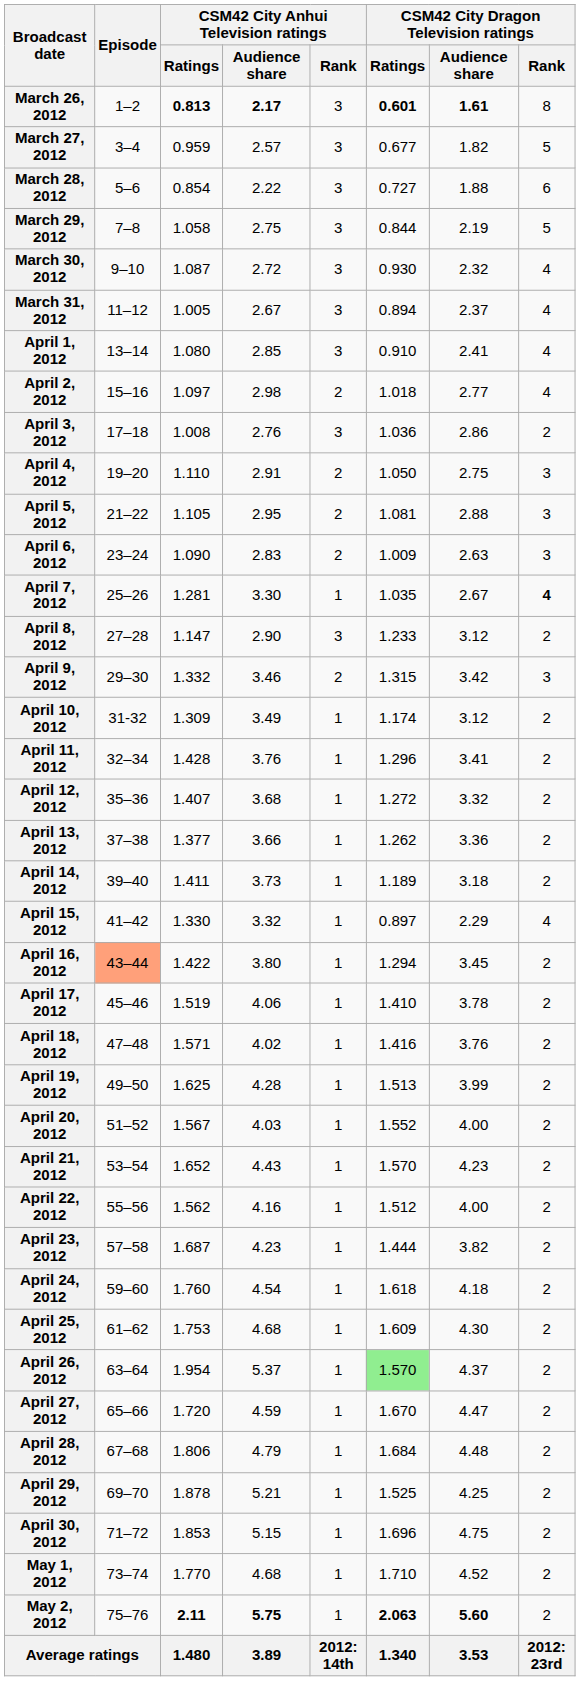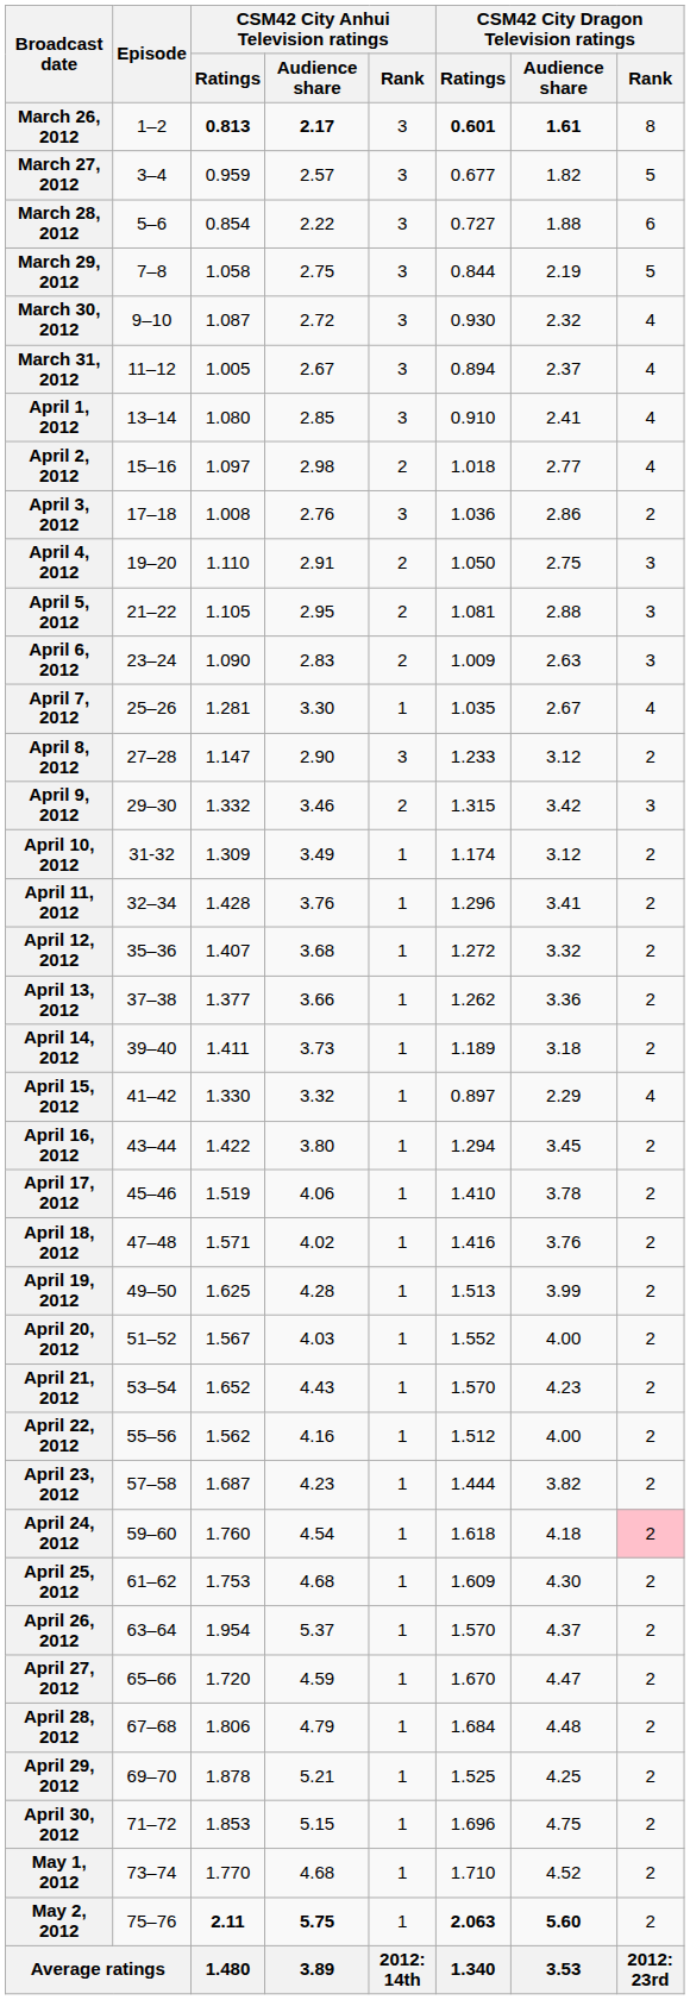 <table class="wikitable sortable mw-collapsible jquery-tablesorter" style="text-align:center">
 <tr>
 <th rowspan="2">Broadcast date</th>
 <th rowspan="2">Episode</th>
 <th colspan="3">CSM42 City Anhui Television ratings</th>
 <th colspan="3">CSM42 City Dragon Television ratings</th>
 </tr>
 <tr>
 <th>Ratings</th>
 <th>Audience share</th>
 <th>Rank</th>
 <th>Ratings</th>
 <th>Audience share</th>
 <th>Rank</th>
 </tr>
 <tr>
 <th>March 26, 2012</th>
 <td>1–2</td>
 <td><strong><span>0.813</span></strong></td>
 <td><strong><span>2.17</span></strong></td>
 <td>3</td>
 <td><strong><span>0.601</span></strong></td>
 <td><strong><span>1.61</span></strong></td>
 <td>8</td>
 </tr>
 <tr>
 <th>March 27, 2012</th>
 <td>3–4</td>
 <td>0.959</td>
 <td>2.57</td>
 <td>3</td>
 <td>0.677</td>
 <td>1.82</td>
 <td>5</td>
 </tr>
 <tr>
 <th>March 28, 2012</th>
 <td>5–6</td>
 <td>0.854</td>
 <td>2.22</td>
 <td>3</td>
 <td>0.727</td>
 <td>1.88</td>
 <td>6</td>
 </tr>
 <tr>
 <th>March 29, 2012</th>
 <td>7–8</td>
 <td>1.058</td>
 <td>2.75</td>
 <td>3</td>
 <td>0.844</td>
 <td>2.19</td>
 <td>5</td>
 </tr>
 <tr>
 <th>March 30, 2012</th>
 <td>9–10</td>
 <td>1.087</td>
 <td>2.72</td>
 <td>3</td>
 <td>0.930</td>
 <td>2.32</td>
 <td>4</td>
 </tr>
 <tr>
 <th>March 31, 2012</th>
 <td>11–12</td>
 <td>1.005</td>
 <td>2.67</td>
 <td>3</td>
 <td>0.894</td>
 <td>2.37</td>
 <td>4</td>
 </tr>
 <tr>
 <th>April 1, 2012</th>
 <td>13–14</td>
 <td>1.080</td>
 <td>2.85</td>
 <td>3</td>
 <td>0.910</td>
 <td>2.41</td>
 <td>4</td>
 </tr>
 <tr>
 <th>April 2, 2012</th>
 <td>15–16</td>
 <td>1.097</td>
 <td>2.98</td>
 <td>2</td>
 <td>1.018</td>
 <td>2.77</td>
 <td>4</td>
 </tr>
 <tr>
 <th>April 3, 2012</th>
 <td>17–18</td>
 <td>1.008</td>
 <td>2.76</td>
 <td>3</td>
 <td>1.036</td>
 <td>2.86</td>
 <td>2</td>
 </tr>
 <tr>
 <th>April 4, 2012</th>
 <td>19–20</td>
 <td>1.110</td>
 <td>2.91</td>
 <td>2</td>
 <td>1.050</td>
 <td>2.75</td>
 <td>3</td>
 </tr>
 <tr>
 <th>April 5, 2012</th>
 <td>21–22</td>
 <td>1.105</td>
 <td>2.95</td>
 <td>2</td>
 <td>1.081</td>
 <td>2.88</td>
 <td>3</td>
 </tr>
 <tr>
 <th>April 6, 2012</th>
 <td>23–24</td>
 <td>1.090</td>
 <td>2.83</td>
 <td>2</td>
 <td>1.009</td>
 <td>2.63</td>
 <td>3</td>
 </tr>
 <tr>
 <th>April 7, 2012</th>
 <td>25–26</td>
 <td>1.281</td>
 <td>3.30</td>
 <td>1</td>
 <td>1.035</td>
 <td>2.67</td>
-<td><strong>4</strong></td>
+<td>4</td>
 </tr>
 <tr>
 <th>April 8, 2012</th>
 <td>27–28</td>
 <td>1.147</td>
 <td>2.90</td>
 <td>3</td>
 <td>1.233</td>
 <td>3.12</td>
 <td>2</td>
 </tr>
 <tr>
 <th>April 9, 2012</th>
 <td>29–30</td>
 <td>1.332</td>
 <td>3.46</td>
 <td>2</td>
 <td>1.315</td>
 <td>3.42</td>
 <td>3</td>
 </tr>
 <tr>
 <th>April 10, 2012</th>
 <td>31-32</td>
 <td>1.309</td>
 <td>3.49</td>
 <td>1</td>
 <td>1.174</td>
 <td>3.12</td>
 <td>2</td>
 </tr>
 <tr>
 <th>April 11, 2012</th>
 <td>32–34</td>
 <td>1.428</td>
 <td>3.76</td>
 <td>1</td>
 <td>1.296</td>
 <td>3.41</td>
 <td>2</td>
 </tr>
 <tr>
 <th>April 12, 2012</th>
 <td>35–36</td>
 <td>1.407</td>
 <td>3.68</td>
 <td>1</td>
 <td>1.272</td>
 <td>3.32</td>
 <td>2</td>
 </tr>
 <tr>
 <th>April 13, 2012</th>
 <td>37–38</td>
 <td>1.377</td>
 <td>3.66</td>
 <td>1</td>
 <td>1.262</td>
 <td>3.36</td>
 <td>2</td>
 </tr>
 <tr>
 <th>April 14, 2012</th>
 <td>39–40</td>
 <td>1.411</td>
 <td>3.73</td>
 <td>1</td>
 <td>1.189</td>
 <td>3.18</td>
 <td>2</td>
 </tr>
 <tr>
 <th>April 15, 2012</th>
 <td>41–42</td>
 <td>1.330</td>
 <td>3.32</td>
 <td>1</td>
 <td>0.897</td>
 <td>2.29</td>
 <td>4</td>
 </tr>
 <tr>
 <th>April 16, 2012</th>
-<td style="background: lightsalmon;">43–44</td>
+<td>43–44</td>
 <td>1.422</td>
 <td>3.80</td>
 <td>1</td>
 <td>1.294</td>
 <td>3.45</td>
 <td>2</td>
 </tr>
 <tr>
 <th>April 17, 2012</th>
 <td>45–46</td>
 <td>1.519</td>
 <td>4.06</td>
 <td>1</td>
 <td>1.410</td>
 <td>3.78</td>
 <td>2</td>
 </tr>
 <tr>
 <th>April 18, 2012</th>
 <td>47–48</td>
 <td>1.571</td>
 <td>4.02</td>
 <td>1</td>
 <td>1.416</td>
 <td>3.76</td>
 <td>2</td>
 </tr>
 <tr>
 <th>April 19, 2012</th>
 <td>49–50</td>
 <td>1.625</td>
 <td>4.28</td>
 <td>1</td>
 <td>1.513</td>
 <td>3.99</td>
 <td>2</td>
 </tr>
 <tr>
 <th>April 20, 2012</th>
 <td>51–52</td>
 <td>1.567</td>
 <td>4.03</td>
 <td>1</td>
 <td>1.552</td>
 <td>4.00</td>
 <td>2</td>
 </tr>
 <tr>
 <th>April 21, 2012</th>
 <td>53–54</td>
 <td>1.652</td>
 <td>4.43</td>
 <td>1</td>
 <td>1.570</td>
 <td>4.23</td>
 <td>2</td>
 </tr>
 <tr>
 <th>April 22, 2012</th>
 <td>55–56</td>
 <td>1.562</td>
 <td>4.16</td>
 <td>1</td>
 <td>1.512</td>
 <td>4.00</td>
 <td>2</td>
 </tr>
 <tr>
 <th>April 23, 2012</th>
 <td>57–58</td>
 <td>1.687</td>
 <td>4.23</td>
 <td>1</td>
 <td>1.444</td>
 <td>3.82</td>
 <td>2</td>
 </tr>
 <tr>
 <th>April 24, 2012</th>
 <td>59–60</td>
 <td>1.760</td>
 <td>4.54</td>
 <td>1</td>
 <td>1.618</td>
 <td>4.18</td>
-<td>2</td>
+<td style="background: pink;">2</td>
 </tr>
 <tr>
 <th>April 25, 2012</th>
 <td>61–62</td>
 <td>1.753</td>
 <td>4.68</td>
 <td>1</td>
 <td>1.609</td>
 <td>4.30</td>
 <td>2</td>
 </tr>
 <tr>
 <th>April 26, 2012</th>
 <td>63–64</td>
 <td>1.954</td>
 <td>5.37</td>
 <td>1</td>
-<td style="background: lightgreen;">1.570</td>
+<td>1.570</td>
 <td>4.37</td>
 <td>2</td>
 </tr>
 <tr>
 <th>April 27, 2012</th>
 <td>65–66</td>
 <td>1.720</td>
 <td>4.59</td>
 <td>1</td>
 <td>1.670</td>
 <td>4.47</td>
 <td>2</td>
 </tr>
 <tr>
 <th>April 28, 2012</th>
 <td>67–68</td>
 <td>1.806</td>
 <td>4.79</td>
 <td>1</td>
 <td>1.684</td>
 <td>4.48</td>
 <td>2</td>
 </tr>
 <tr>
 <th>April 29, 2012</th>
 <td>69–70</td>
 <td>1.878</td>
 <td>5.21</td>
 <td>1</td>
 <td>1.525</td>
 <td>4.25</td>
 <td>2</td>
 </tr>
 <tr>
 <th>April 30, 2012</th>
 <td>71–72</td>
 <td>1.853</td>
 <td>5.15</td>
 <td>1</td>
 <td>1.696</td>
 <td>4.75</td>
 <td>2</td>
 </tr>
 <tr>
 <th>May 1, 2012</th>
 <td>73–74</td>
 <td>1.770</td>
 <td>4.68</td>
 <td>1</td>
 <td>1.710</td>
 <td>4.52</td>
 <td>2</td>
 </tr>
 <tr>
 <th>May 2, 2012</th>
 <td>75–76</td>
 <td><strong><span>2.11</span></strong></td>
 <td><strong><span>5.75</span></strong></td>
 <td>1</td>
 <td><strong><span>2.063</span></strong></td>
 <td><strong><span>5.60</span></strong></td>
 <td>2</td>
 </tr>
 <tr>
 <th colspan="2">Average ratings</th>
 <th>1.480</th>
 <th>3.89</th>
 <th>2012: 14th</th>
 <th>1.340</th>
 <th>3.53</th>
 <th>2012: 23rd</th>
 </tr>
 </table>
